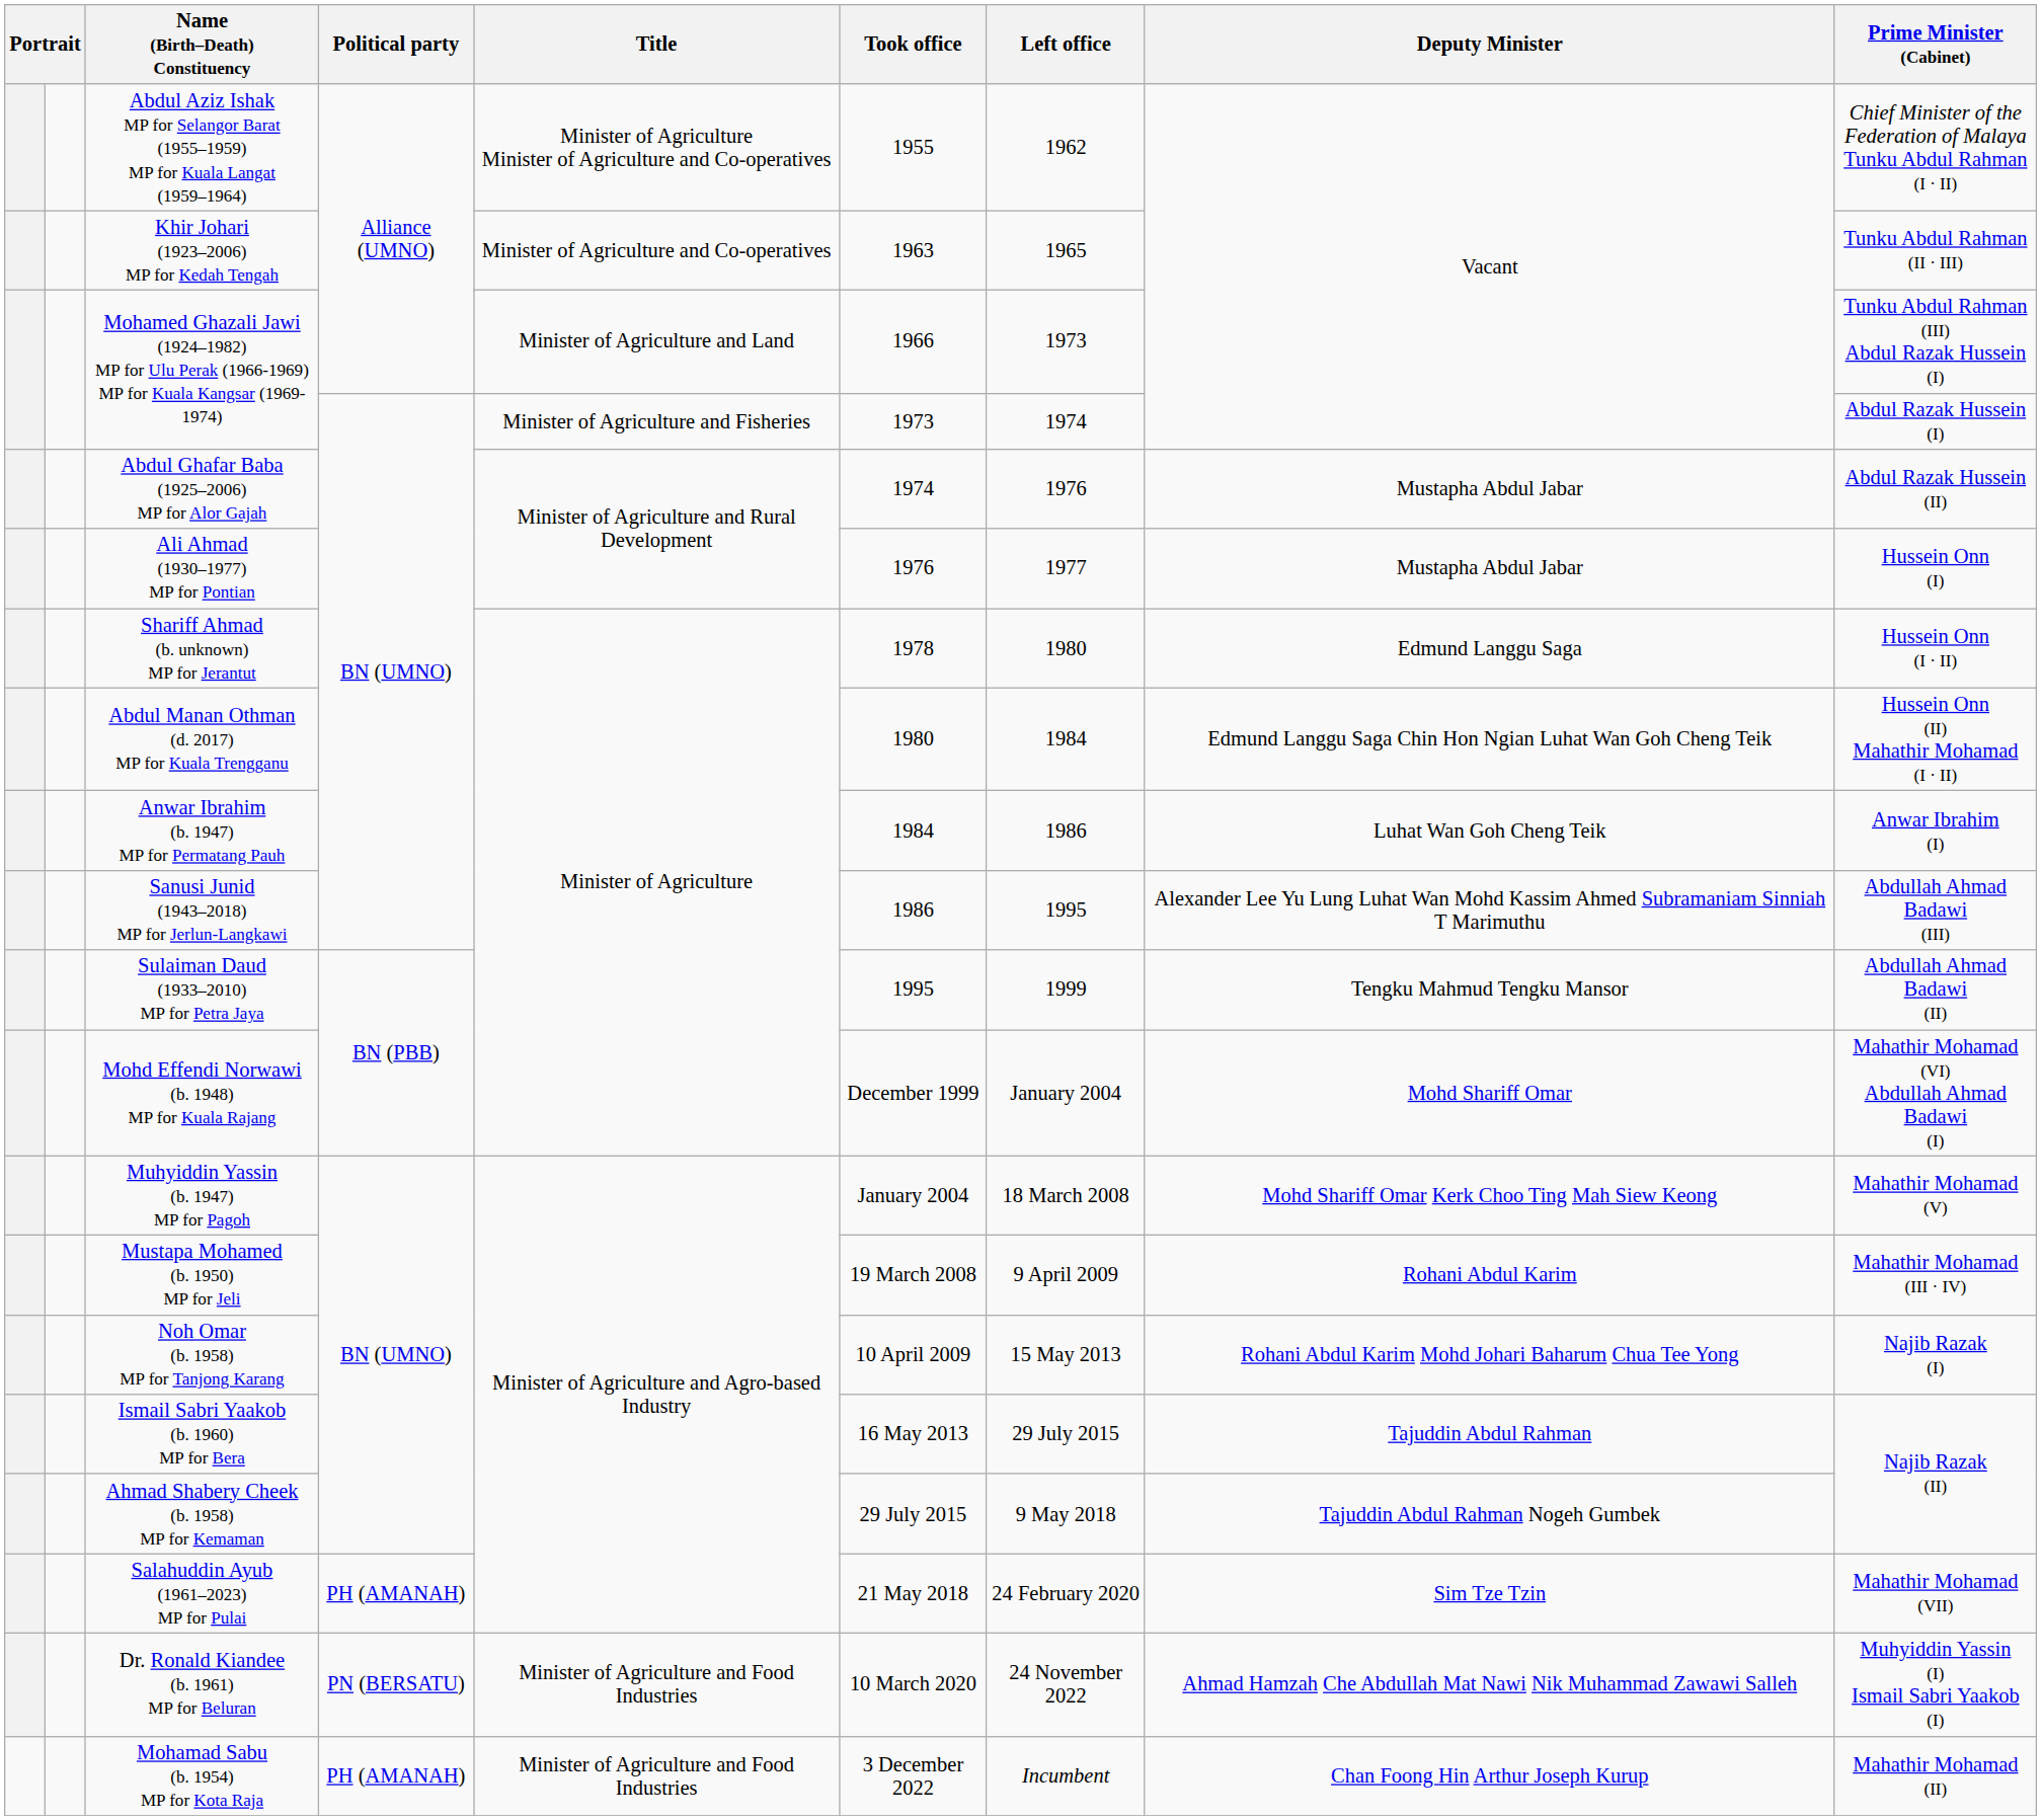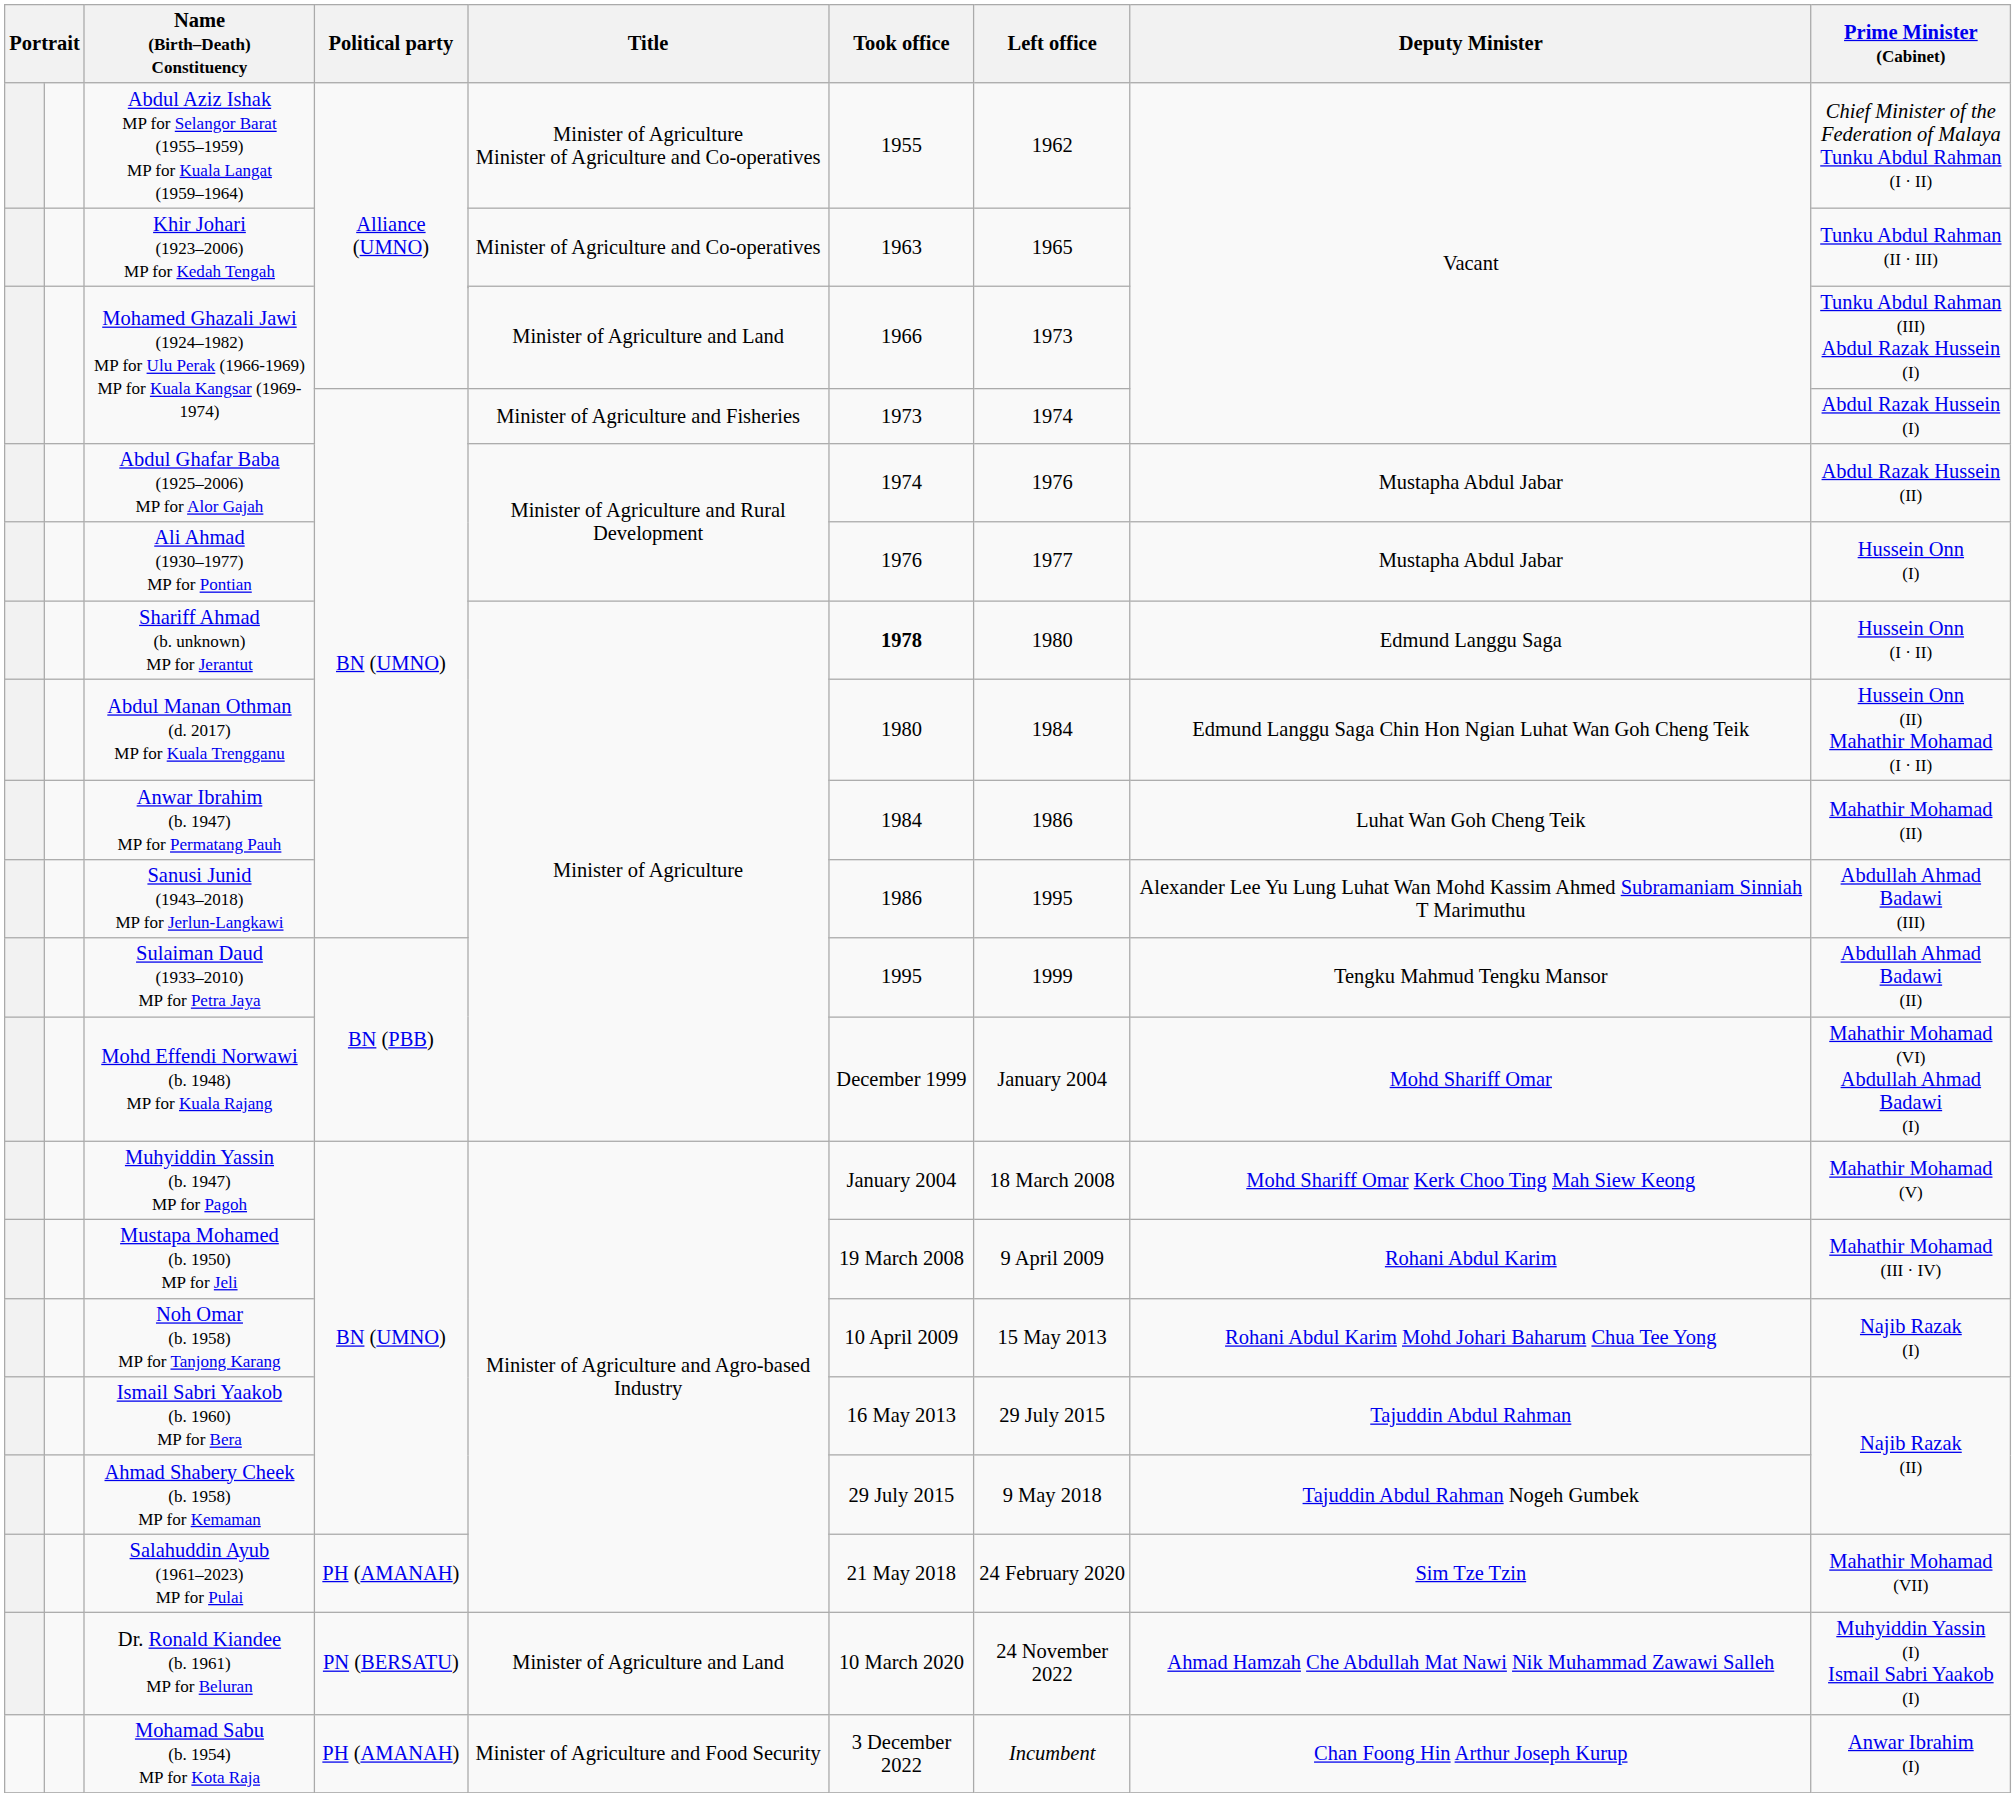 <table class="wikitable" style="text-align:center;">
 <tr>
 <th colspan=2>Portrait</th>
 <th>Name<br><small>(Birth–Death)<br>Constituency</small></th>
 <th>Political party</th>
 <th>Title</th>
 <th>Took office</th>
 <th>Left office</th>
 <th>Deputy Minister</th>
 <th><a href='#'>Prime Minister</a><br><small>(Cabinet)</small></th>
 </tr>
 <tr>
 <th style="background:"></th>
 <td></td>
 <td><a href='#'>Abdul Aziz Ishak</a><br><small>MP for <a href='#'>Selangor Barat</a><br>(1955–1959)<br>MP for <a href='#'>Kuala Langat</a><br>(1959–1964)</small></td>
 <td rowspan=4><a href='#'>Alliance</a> (<a href='#'>UMNO</a>)</td>
 <td>Minister of Agriculture<br>Minister of Agriculture and Co-operatives</td>
 <td>1955</td>
 <td>1962</td>
 <td rowspan="5">Vacant</td>
 <td><em>Chief Minister of the <br>Federation of Malaya</em><br><a href='#'>Tunku Abdul Rahman</a><br><small>(I · II)</small></td>
 </tr>
 <tr>
 <th style="background:"></th>
 <td></td>
 <td><a href='#'>Khir Johari</a><br><small>(1923–2006)<br>MP for <a href='#'>Kedah Tengah</a></small></td>
 <td rowspan=2>Minister of Agriculture and Co-operatives</td>
 <td>1963</td>
 <td>1965</td>
 <td><a href='#'>Tunku Abdul Rahman</a><br><small>(II · III)</small></td>
 </tr>
 <tr>
 <th rowspan="3" style="background:"></th>
 <td rowspan="3"></td>
 <td rowspan="3"><a href='#'>Mohamed Ghazali Jawi</a><br><small>(1924–1982)<br>MP for <a href='#'>Ulu Perak</a> (1966-1969)<br>MP for <a href='#'>Kuala Kangsar</a> (1969-1974)</small></td>
 <td rowspan=2>1966</td>
 <td rowspan=2>1973</td>
 <td rowspan=2><a href='#'>Tunku Abdul Rahman</a><br><small>(III)</small><br><a href='#'>Abdul Razak Hussein</a><br><small>(I)</small></td>
 </tr>
 <tr>
 <td>Minister of Agriculture and Land</td>
 </tr>
 <tr>
 <td rowspan=7><a href='#'>BN</a> (<a href='#'>UMNO</a>)</td>
 <td>Minister of Agriculture and Fisheries</td>
 <td>1973</td>
 <td>1974</td>
 <td><a href='#'>Abdul Razak Hussein</a><br><small>(I)</small></td>
 </tr>
 <tr>
 <th style="background:"></th>
 <td></td>
 <td><a href='#'>Abdul Ghafar Baba</a><br><small>(1925–2006)<br>MP for <a href='#'>Alor Gajah</a></small></td>
 <td rowspan=2>Minister of Agriculture and Rural Development</td>
 <td>1974</td>
 <td>1976</td>
 <td>Mustapha Abdul Jabar</td>
 <td><a href='#'>Abdul Razak Hussein</a><br><small>(II)</small></td>
 </tr>
 <tr>
 <th style="background:"></th>
 <td></td>
 <td><a href='#'>Ali Ahmad</a><br><small>(1930–1977)<br>MP for <a href='#'>Pontian</a></small></td>
 <td>1976</td>
 <td>1977</td>
 <td>Mustapha Abdul Jabar</td>
 <td><a href='#'>Hussein Onn</a><br><small>(I)</small></td>
 </tr>
 <tr>
 <th style="background:"></th>
 <td></td>
 <td><a href='#'>Shariff Ahmad</a><br><small>(b. unknown)<br>MP for <a href='#'>Jerantut</a></small></td>
 <td rowspan=6>Minister of Agriculture</td>
-<td>1978</td>
+<td><strong>1978</strong></td>
 <td>1980</td>
 <td>Edmund Langgu Saga</td>
 <td><a href='#'>Hussein Onn</a><br><small>(I · II)</small></td>
 </tr>
 <tr>
 <th style="background:"></th>
 <td></td>
 <td><a href='#'>Abdul Manan Othman</a><br><small>(d. 2017)<br>MP for <a href='#'>Kuala Trengganu</a></small></td>
 <td>1980</td>
 <td>1984</td>
 <td>Edmund Langgu Saga  Chin Hon Ngian  Luhat Wan  Goh Cheng Teik </td>
 <td><a href='#'>Hussein Onn</a><br><small>(II)</small><br><a href='#'>Mahathir Mohamad</a><br><small>(I · II)</small></td>
 </tr>
 <tr>
 <th style="background:"></th>
 <td></td>
 <td><a href='#'>Anwar Ibrahim</a><br><small>(b. 1947)<br>MP for <a href='#'>Permatang Pauh</a></small></td>
 <td>1984</td>
 <td>1986</td>
 <td>Luhat Wan  Goh Cheng Teik</td>
-<td><a href='#'>Anwar Ibrahim</a><br><small>(I)</small></td>
+<td><a href='#'>Mahathir Mohamad</a><br><small>(II)</small></td>
 </tr>
 <tr>
 <th style="background:"></th>
 <td></td>
 <td><a href='#'>Sanusi Junid</a><br><small>(1943–2018)<br>MP for <a href='#'>Jerlun-Langkawi</a></small></td>
 <td>1986</td>
 <td>1995</td>
 <td>Alexander Lee Yu Lung  Luhat Wan Mohd Kassim Ahmed  <a href='#'>Subramaniam Sinniah</a> T Marimuthu </td>
 <td><a href='#'>Abdullah Ahmad Badawi</a><br><small>(III)</small></td>
 </tr>
 <tr>
 <th style="background:"></th>
 <td></td>
 <td><a href='#'>Sulaiman Daud</a><br><small>(1933–2010)<br>MP for <a href='#'>Petra Jaya</a></small></td>
 <td rowspan=2><a href='#'>BN</a> (<a href='#'>PBB</a>)</td>
 <td>1995</td>
 <td>1999</td>
 <td>Tengku Mahmud Tengku Mansor</td>
 <td><a href='#'>Abdullah Ahmad Badawi</a><br><small>(II)</small></td>
 </tr>
 <tr>
 <th style="background:"></th>
 <td></td>
 <td><a href='#'>Mohd Effendi Norwawi</a><br><small>(b. 1948)<br>MP for <a href='#'>Kuala Rajang</a></small></td>
 <td>December 1999</td>
 <td>January 2004</td>
 <td><a href='#'>Mohd Shariff Omar</a></td>
 <td><a href='#'>Mahathir Mohamad</a><br><small>(VI)</small><br><a href='#'>Abdullah Ahmad Badawi</a><br><small>(I)</small></td>
 </tr>
 <tr>
 <th style="background:"></th>
 <td></td>
 <td><a href='#'>Muhyiddin Yassin</a><br><small>(b. 1947)<br>MP for <a href='#'>Pagoh</a></small></td>
 <td rowspan=5><a href='#'>BN</a> (<a href='#'>UMNO</a>)</td>
 <td rowspan=6>Minister of Agriculture and Agro-based Industry</td>
 <td>January 2004</td>
 <td>18 March 2008</td>
 <td><a href='#'>Mohd Shariff Omar</a> <a href='#'>Kerk Choo Ting</a>  <a href='#'>Mah Siew Keong</a> </td>
 <td><a href='#'>Mahathir Mohamad</a><br><small>(V)</small></td>
 </tr>
 <tr>
 <th style="background:"></th>
 <td></td>
 <td><a href='#'>Mustapa Mohamed</a><br><small>(b. 1950)<br>MP for <a href='#'>Jeli</a></small></td>
 <td>19 March 2008</td>
 <td>9 April 2009</td>
 <td><a href='#'>Rohani Abdul Karim</a></td>
 <td><a href='#'>Mahathir Mohamad</a><br><small>(III · IV)</small></td>
 </tr>
 <tr>
 <th style="background:"></th>
 <td></td>
 <td><a href='#'>Noh Omar</a><br><small>(b. 1958)<br>MP for <a href='#'>Tanjong Karang</a></small></td>
 <td>10 April 2009</td>
 <td>15 May 2013</td>
 <td><a href='#'>Rohani Abdul Karim</a> <a href='#'>Mohd Johari Baharum</a>  <a href='#'>Chua Tee Yong</a> </td>
 <td><a href='#'>Najib Razak</a><br><small>(I)</small></td>
 </tr>
 <tr>
 <th style="background:"></th>
 <td></td>
 <td><a href='#'>Ismail Sabri Yaakob</a><br><small>(b. 1960)<br>MP for <a href='#'>Bera</a></small></td>
 <td>16 May 2013</td>
 <td>29 July 2015</td>
 <td><a href='#'>Tajuddin Abdul Rahman</a></td>
 <td rowspan="2"><a href='#'>Najib Razak</a><br><small>(II)</small></td>
 </tr>
 <tr>
 <th style="background:"></th>
 <td></td>
 <td><a href='#'>Ahmad Shabery Cheek</a><br><small>(b. 1958)<br>MP for <a href='#'>Kemaman</a></small></td>
 <td>29 July 2015</td>
 <td>9 May 2018</td>
 <td><a href='#'>Tajuddin Abdul Rahman</a>  Nogeh Gumbek </td>
 </tr>
 <tr>
 <th style="background:"></th>
 <td></td>
 <td><a href='#'>Salahuddin Ayub</a><br><small>(1961–2023)<br>MP for <a href='#'>Pulai</a></small></td>
 <td><a href='#'>PH</a> (<a href='#'>AMANAH</a>)</td>
 <td>21 May 2018</td>
 <td>24 February 2020</td>
 <td><a href='#'>Sim Tze Tzin</a></td>
 <td><a href='#'>Mahathir Mohamad</a><br><small>(VII)</small></td>
 </tr>
 <tr>
 <th style="background:"></th>
 <td></td>
 <td>Dr. <a href='#'>Ronald Kiandee</a><br><small>(b. 1961)<br>MP for <a href='#'>Beluran</a></small></td>
 <td><a href='#'>PN</a> (<a href='#'>BERSATU</a>)</td>
-<td>Minister of Agriculture and Food Industries</td>
+<td>Minister of Agriculture and Land</td>
 <td>10 March 2020</td>
 <td>24 November 2022</td>
 <td><a href='#'>Ahmad Hamzah</a> <a href='#'>Che Abdullah Mat Nawi</a> <a href='#'>Nik Muhammad Zawawi Salleh</a> </td>
 <td><a href='#'>Muhyiddin Yassin</a><br><small>(I)</small><br><a href='#'>Ismail Sabri Yaakob</a><br><small>(I)</small></td>
 </tr>
 <tr>
 <td ! style="background:"></td>
 <td></td>
 <td><a href='#'>Mohamad Sabu</a><br><small>(b. 1954)<br>MP for <a href='#'>Kota Raja</a></small></td>
 <td><a href='#'>PH</a> (<a href='#'>AMANAH</a>)</td>
-<td>Minister of Agriculture and Food Industries</td>
+<td>Minister of Agriculture and Food Security</td>
 <td>3 December 2022</td>
 <td><em>Incumbent</em></td>
 <td><a href='#'>Chan Foong Hin</a> <a href='#'>Arthur Joseph Kurup</a> </td>
-<td><a href='#'>Mahathir Mohamad</a><br><small>(II)</small></td>
+<td><a href='#'>Anwar Ibrahim</a><br><small>(I)</small></td>
 </tr>
 </table>
